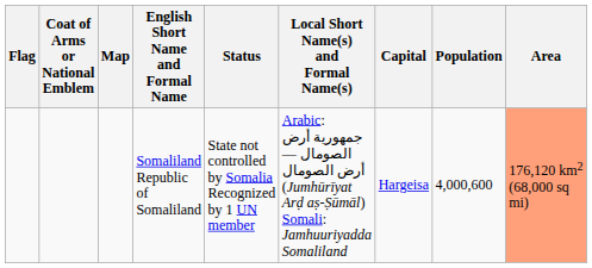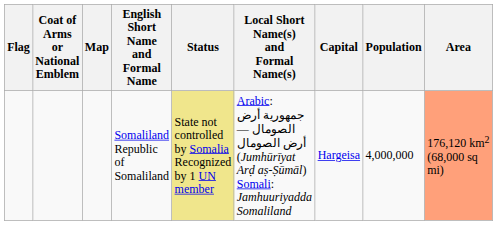 <table class="wikitable">
 <tr>
 <th>Flag</th>
 <th>Coat of Arms<br>or<br> National Emblem</th>
 <th>Map</th>
 <th>English Short Name<br>and<br> Formal Name</th>
 <th>Status</th>
 <th>Local Short Name(s)<br>and<br>Formal Name(s)</th>
 <th>Capital</th>
 <th>Population</th>
 <th>Area</th>
 </tr>
 <tr>
 <td></td>
 <td></td>
 <td></td>
 <td><a href='#'>Somaliland</a><br>Republic of Somaliland</td>
-<td>State not controlled by <a href='#'>Somalia</a><br>Recognized by 1 <a href='#'>UN member</a></td>
+<td style="background: khaki;">State not controlled by <a href='#'>Somalia</a><br>Recognized by 1 <a href='#'>UN member</a></td>
 <td><a href='#'>Arabic</a>: جمهورية أرض الصومال — أرض الصومال<br>(<em>Jumhūrīyat Arḍ aṣ-Ṣūmāl</em>)<br><a href='#'>Somali</a>: <em>Jamhuuriyadda Somaliland</em></td>
 <td><a href='#'>Hargeisa</a></td>
-<td>4,000,600</td>
+<td>4,000,000</td>
 <td style="background: lightsalmon;">176,120 km<sup>2</sup> (68,000 sq mi)</td>
 </tr>
 </table>
